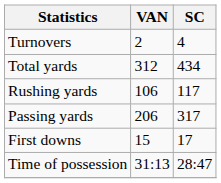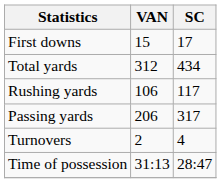 <table class="wikitable" style="float: left;">
 <tr>
 <th>Statistics</th>
 <th>VAN</th>
 <th>SC</th>
 </tr>
 <tr>
-<td>Turnovers</td>
-<td>2</td>
-<td>4</td>
+<td>First downs</td>
+<td>15</td>
+<td>17</td>
 </tr>
 <tr>
 <td>Total yards</td>
 <td>312</td>
 <td>434</td>
 </tr>
 <tr>
 <td>Rushing yards</td>
 <td>106</td>
 <td>117</td>
 </tr>
 <tr>
 <td>Passing yards</td>
 <td>206</td>
 <td>317</td>
 </tr>
 <tr>
-<td>First downs</td>
-<td>15</td>
-<td>17</td>
+<td>Turnovers</td>
+<td>2</td>
+<td>4</td>
 </tr>
 <tr>
 <td>Time of possession</td>
 <td>31:13</td>
 <td>28:47</td>
 </tr>
 <tr>
 </tr>
 </table>
